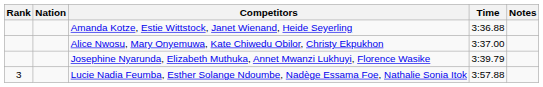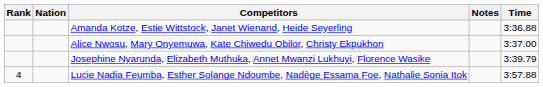 <table class="wikitable sortable" style="text-align:center; font-size:95%">
 <tr>
 <th>Rank</th>
 <th>Nation</th>
 <th>Competitors</th>
+<th>Notes</th>
 <th>Time</th>
-<th>Notes</th>
 </tr>
 <tr>
 <td></td>
 <td align=left></td>
 <td align=left><a href='#'>Amanda Kotze</a>, <a href='#'>Estie Wittstock</a>, <a href='#'>Janet Wienand</a>, <a href='#'>Heide Seyerling</a></td>
+<td></td>
 <td>3:36.88</td>
-<td></td>
 </tr>
 <tr>
 <td></td>
 <td align=left></td>
 <td align=left><a href='#'>Alice Nwosu</a>, <a href='#'>Mary Onyemuwa</a>, <a href='#'>Kate Chiwedu Obilor</a>, <a href='#'>Christy Ekpukhon</a></td>
+<td></td>
 <td>3:37.00</td>
-<td></td>
 </tr>
 <tr>
 <td></td>
 <td align=left></td>
 <td align=left><a href='#'>Josephine Nyarunda</a>, <a href='#'>Elizabeth Muthuka</a>, <a href='#'>Annet Mwanzi Lukhuyi</a>, <a href='#'>Florence Wasike</a></td>
+<td></td>
 <td>3:39.79</td>
-<td></td>
 </tr>
 <tr>
-<td>3</td>
+<td>4</td>
 <td align=left></td>
 <td align=left><a href='#'>Lucie Nadia Feumba</a>, <a href='#'>Esther Solange Ndoumbe</a>, <a href='#'>Nadège Essama Foe</a>, <a href='#'>Nathalie Sonia Itok</a></td>
+<td></td>
 <td>3:57.88</td>
-<td></td>
 </tr>
 </table>
